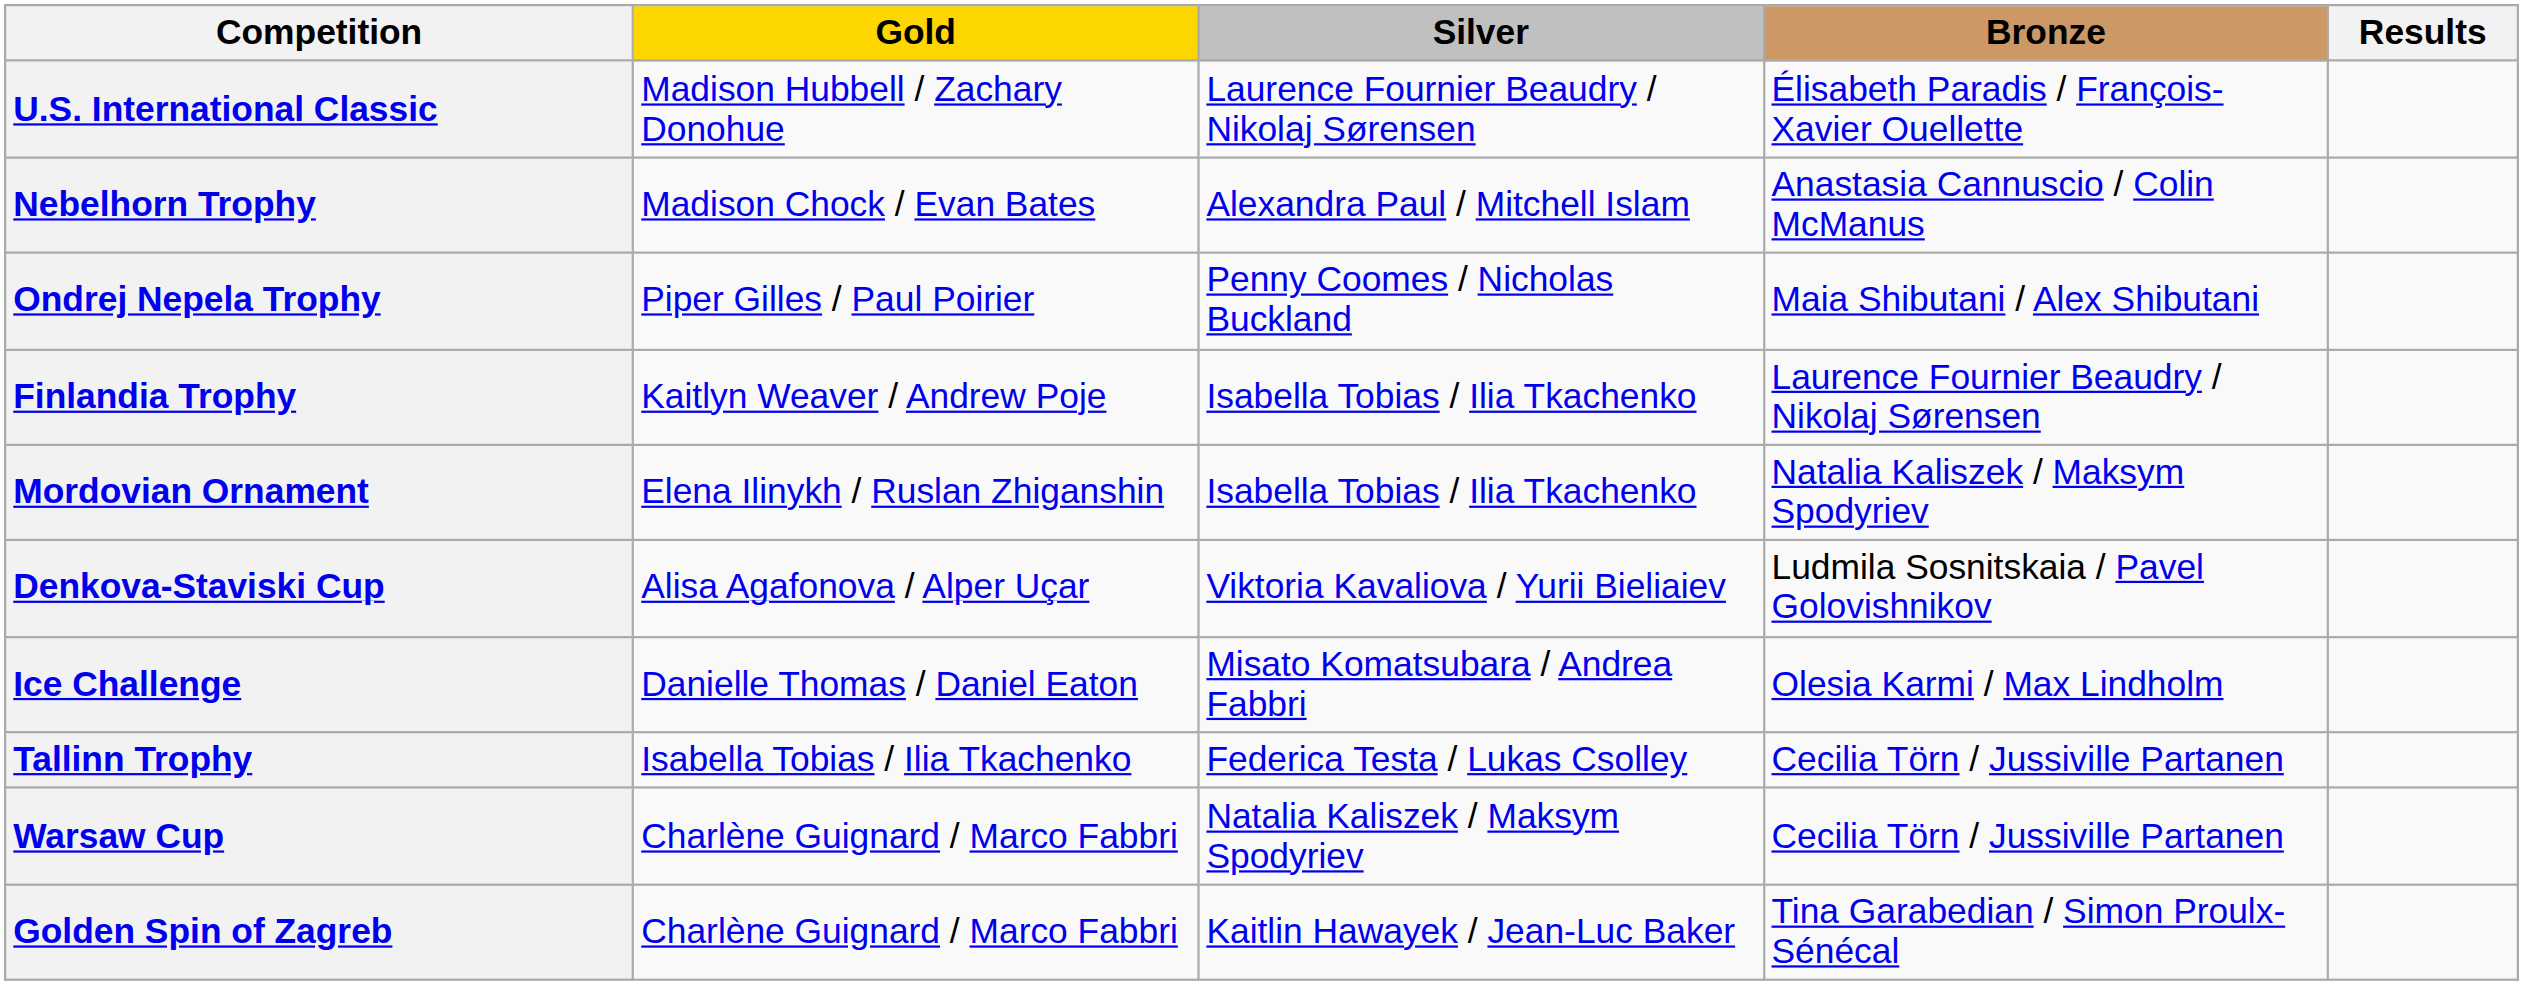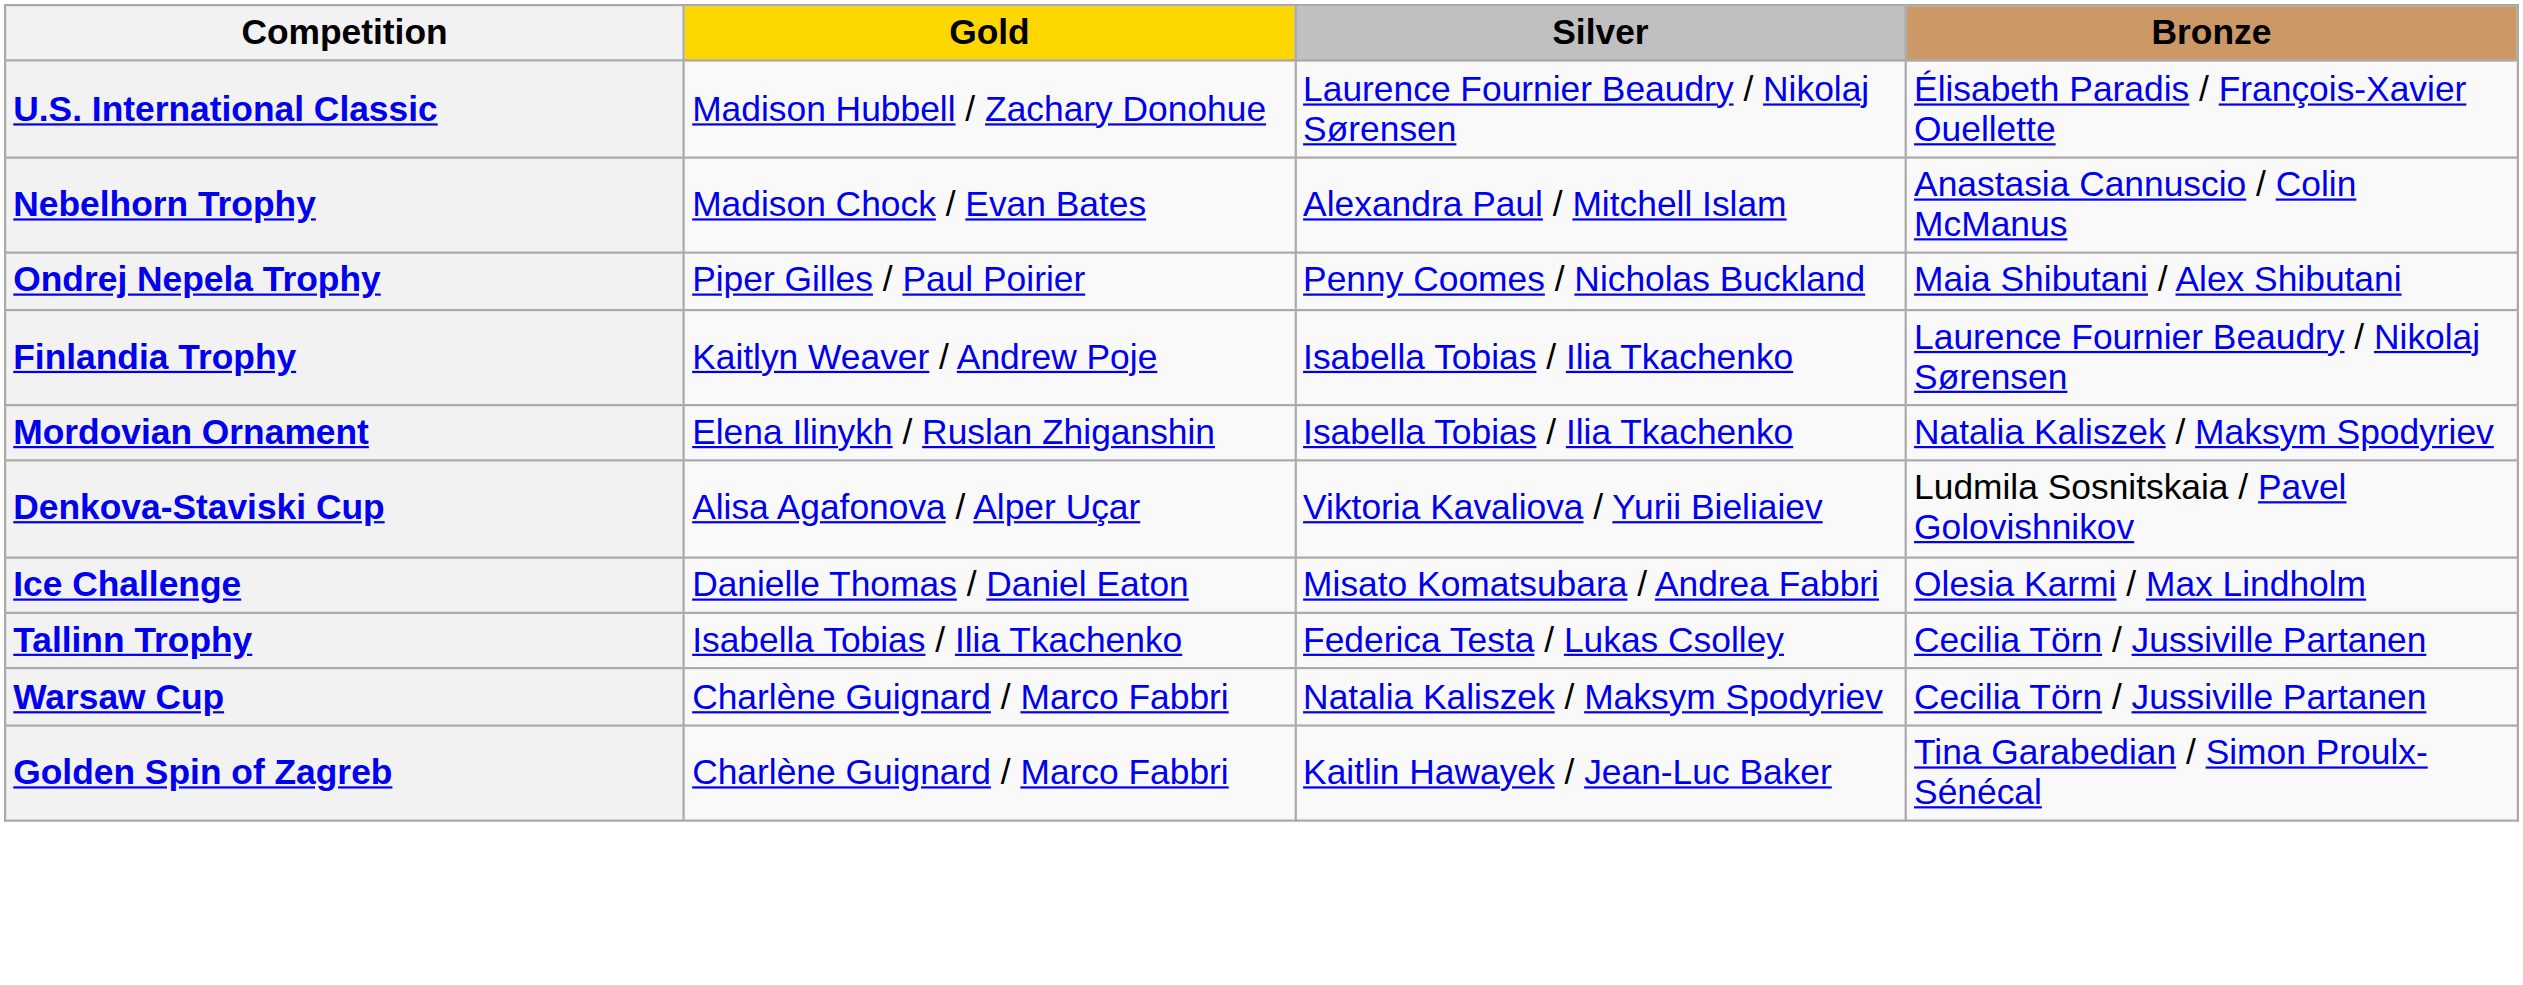 <table class="wikitable unsortable" style="text-align:left; width:90%;">
 <tr>
 <th scope="col" style="text-align:center; width:25%;">Competition</th>
 <td scope="col" style="text-align:center; width:22.5%; background:gold"><strong>Gold</strong></td>
 <td scope="col" style="text-align:center; width:22.5%; background:silver"><strong>Silver</strong></td>
 <td scope="col" style="text-align:center; width:22.5%; background:#c96"><strong>Bronze</strong></td>
-<th scope="col" style="text-align:center; width:7.5%;">Results</th>
 </tr>
 <tr>
 <th scope="row" style="text-align:left"> <a href='#'>U.S. International Classic</a></th>
 <td> <a href='#'>Madison Hubbell</a> / <a href='#'>Zachary Donohue</a></td>
 <td> <a href='#'>Laurence Fournier Beaudry</a> / <a href='#'>Nikolaj Sørensen</a></td>
 <td> <a href='#'>Élisabeth Paradis</a> / <a href='#'>François-Xavier Ouellette</a></td>
-<td></td>
 </tr>
 <tr>
 <th scope="row" style="text-align:left"> <a href='#'>Nebelhorn Trophy</a></th>
 <td> <a href='#'>Madison Chock</a> / <a href='#'>Evan Bates</a></td>
 <td> <a href='#'>Alexandra Paul</a> / <a href='#'>Mitchell Islam</a></td>
 <td> <a href='#'>Anastasia Cannuscio</a> / <a href='#'>Colin McManus</a></td>
-<td></td>
 </tr>
 <tr>
 <th scope="row" style="text-align:left"> <a href='#'>Ondrej Nepela Trophy</a></th>
 <td> <a href='#'>Piper Gilles</a> / <a href='#'>Paul Poirier</a></td>
 <td> <a href='#'>Penny Coomes</a> / <a href='#'>Nicholas Buckland</a></td>
 <td> <a href='#'>Maia Shibutani</a> / <a href='#'>Alex Shibutani</a></td>
-<td></td>
 </tr>
 <tr>
 <th scope="row" style="text-align:left"> <a href='#'>Finlandia Trophy</a></th>
 <td> <a href='#'>Kaitlyn Weaver</a> / <a href='#'>Andrew Poje</a></td>
 <td> <a href='#'>Isabella Tobias</a> / <a href='#'>Ilia Tkachenko</a></td>
 <td> <a href='#'>Laurence Fournier Beaudry</a> / <a href='#'>Nikolaj Sørensen</a></td>
-<td></td>
 </tr>
 <tr>
 <th scope="row" style="text-align:left"> <a href='#'>Mordovian Ornament</a></th>
 <td> <a href='#'>Elena Ilinykh</a> / <a href='#'>Ruslan Zhiganshin</a></td>
 <td> <a href='#'>Isabella Tobias</a> / <a href='#'>Ilia Tkachenko</a></td>
 <td> <a href='#'>Natalia Kaliszek</a> / <a href='#'>Maksym Spodyriev</a></td>
-<td></td>
 </tr>
 <tr>
 <th scope="row" style="text-align:left"> <a href='#'>Denkova-Staviski Cup</a></th>
 <td> <a href='#'>Alisa Agafonova</a> / <a href='#'>Alper Uçar</a></td>
 <td> <a href='#'>Viktoria Kavaliova</a> / <a href='#'>Yurii Bieliaiev</a></td>
 <td> Ludmila Sosnitskaia / <a href='#'>Pavel Golovishnikov</a></td>
-<td></td>
 </tr>
 <tr>
 <th scope="row" style="text-align:left"> <a href='#'>Ice Challenge</a></th>
 <td> <a href='#'>Danielle Thomas</a> / <a href='#'>Daniel Eaton</a></td>
 <td> <a href='#'>Misato Komatsubara</a> / <a href='#'>Andrea Fabbri</a></td>
 <td> <a href='#'>Olesia Karmi</a> / <a href='#'>Max Lindholm</a></td>
-<td></td>
 </tr>
 <tr>
 <th scope="row" style="text-align:left"> <a href='#'>Tallinn Trophy</a></th>
 <td> <a href='#'>Isabella Tobias</a> / <a href='#'>Ilia Tkachenko</a></td>
 <td> <a href='#'>Federica Testa</a> / <a href='#'>Lukas Csolley</a></td>
 <td> <a href='#'>Cecilia Törn</a> / <a href='#'>Jussiville Partanen</a></td>
-<td></td>
 </tr>
 <tr>
 <th scope="row" style="text-align:left"> <a href='#'>Warsaw Cup</a></th>
 <td> <a href='#'>Charlène Guignard</a> / <a href='#'>Marco Fabbri</a></td>
 <td> <a href='#'>Natalia Kaliszek</a> / <a href='#'>Maksym Spodyriev</a></td>
 <td> <a href='#'>Cecilia Törn</a> / <a href='#'>Jussiville Partanen</a></td>
-<td></td>
 </tr>
 <tr>
 <th scope="row" style="text-align:left"> <a href='#'>Golden Spin of Zagreb</a></th>
 <td> <a href='#'>Charlène Guignard</a> / <a href='#'>Marco Fabbri</a></td>
 <td> <a href='#'>Kaitlin Hawayek</a> / <a href='#'>Jean-Luc Baker</a></td>
 <td> <a href='#'>Tina Garabedian</a> / <a href='#'>Simon Proulx-Sénécal</a></td>
-<td></td>
 </tr>
 </table>
